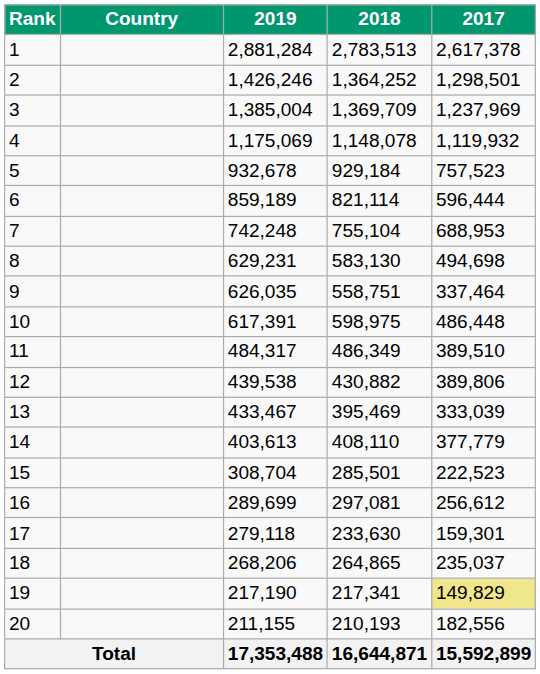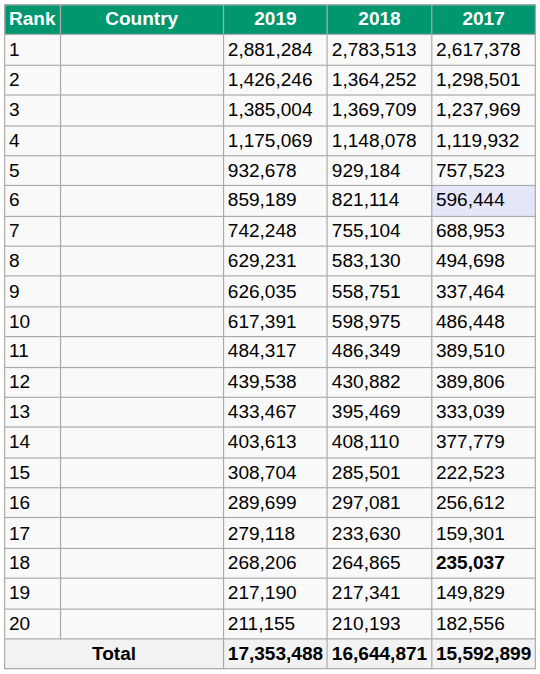 <table class="wikitable">
 <tr style="color:white;">
 <th style="width:5px; background:#00966E;">Rank</th>
 <th style="width:130px; background:#00966E;">Country</th>
 <th style="width:50px; background:#00966E;">2019</th>
 <th style="width:50px; background:#00966E;">2018</th>
 <th style="width:50px; background:#00966E;">2017</th>
 </tr>
 <tr>
 <td>1</td>
 <td></td>
 <td>2,881,284</td>
 <td>2,783,513</td>
 <td>2,617,378</td>
 </tr>
 <tr>
 <td>2</td>
 <td></td>
 <td>1,426,246</td>
 <td>1,364,252</td>
 <td>1,298,501</td>
 </tr>
 <tr>
 <td>3</td>
 <td></td>
 <td>1,385,004</td>
 <td>1,369,709</td>
 <td>1,237,969</td>
 </tr>
 <tr>
 <td>4</td>
 <td></td>
 <td>1,175,069</td>
 <td>1,148,078</td>
 <td>1,119,932</td>
 </tr>
 <tr>
 <td>5</td>
 <td></td>
 <td>932,678</td>
 <td>929,184</td>
 <td>757,523</td>
 </tr>
 <tr>
 <td>6</td>
 <td></td>
 <td>859,189</td>
 <td>821,114</td>
-<td>596,444</td>
+<td style="background: lavender;">596,444</td>
 </tr>
 <tr>
 <td>7</td>
 <td></td>
 <td>742,248</td>
 <td>755,104</td>
 <td>688,953</td>
 </tr>
 <tr>
 <td>8</td>
 <td></td>
 <td>629,231</td>
 <td>583,130</td>
 <td>494,698</td>
 </tr>
 <tr>
 <td>9</td>
 <td></td>
 <td>626,035</td>
 <td>558,751</td>
 <td>337,464</td>
 </tr>
 <tr>
 <td>10</td>
 <td></td>
 <td>617,391</td>
 <td>598,975</td>
 <td>486,448</td>
 </tr>
 <tr>
 <td>11</td>
 <td></td>
 <td>484,317</td>
 <td>486,349</td>
 <td>389,510</td>
 </tr>
 <tr>
 <td>12</td>
 <td></td>
 <td>439,538</td>
 <td>430,882</td>
 <td>389,806</td>
 </tr>
 <tr>
 <td>13</td>
 <td></td>
 <td>433,467</td>
 <td>395,469</td>
 <td>333,039</td>
 </tr>
 <tr>
 <td>14</td>
 <td></td>
 <td>403,613</td>
 <td>408,110</td>
 <td>377,779</td>
 </tr>
 <tr>
 <td>15</td>
 <td></td>
 <td>308,704</td>
 <td>285,501</td>
 <td>222,523</td>
 </tr>
 <tr>
 <td>16</td>
 <td></td>
 <td>289,699</td>
 <td>297,081</td>
 <td>256,612</td>
 </tr>
 <tr>
 <td>17</td>
 <td></td>
 <td>279,118</td>
 <td>233,630</td>
 <td>159,301</td>
 </tr>
 <tr>
 <td>18</td>
 <td></td>
 <td>268,206</td>
 <td>264,865</td>
-<td>235,037</td>
+<td><strong>235,037</strong></td>
 </tr>
 <tr>
 <td>19</td>
 <td></td>
 <td>217,190</td>
 <td>217,341</td>
-<td style="background: khaki;">149,829</td>
+<td>149,829</td>
 </tr>
 <tr>
 <td>20</td>
 <td></td>
 <td>211,155</td>
 <td>210,193</td>
 <td>182,556</td>
 </tr>
 <tr>
 <th colspan=2>Total</th>
 <th>17,353,488</th>
 <th>16,644,871</th>
 <th>15,592,899</th>
 </tr>
 </table>
